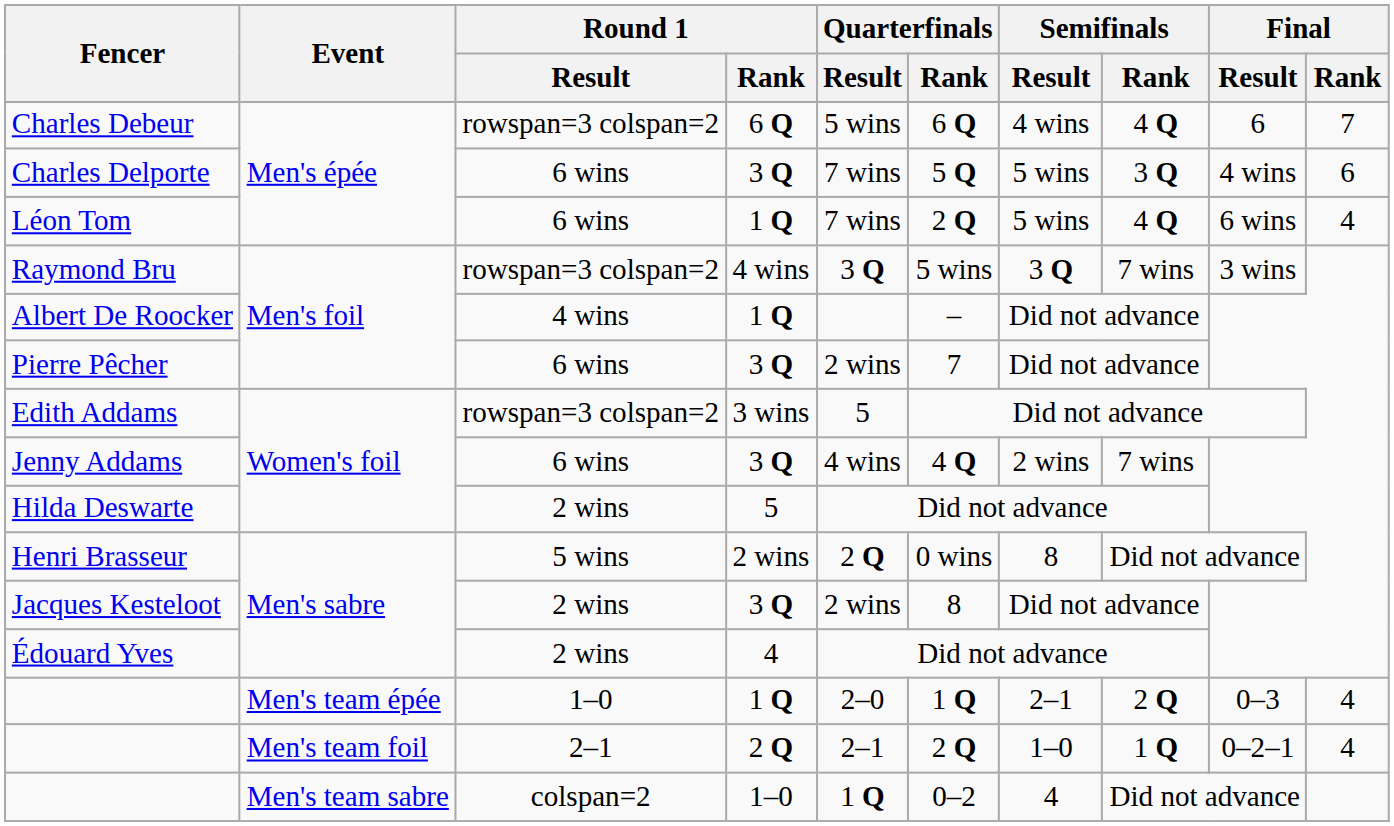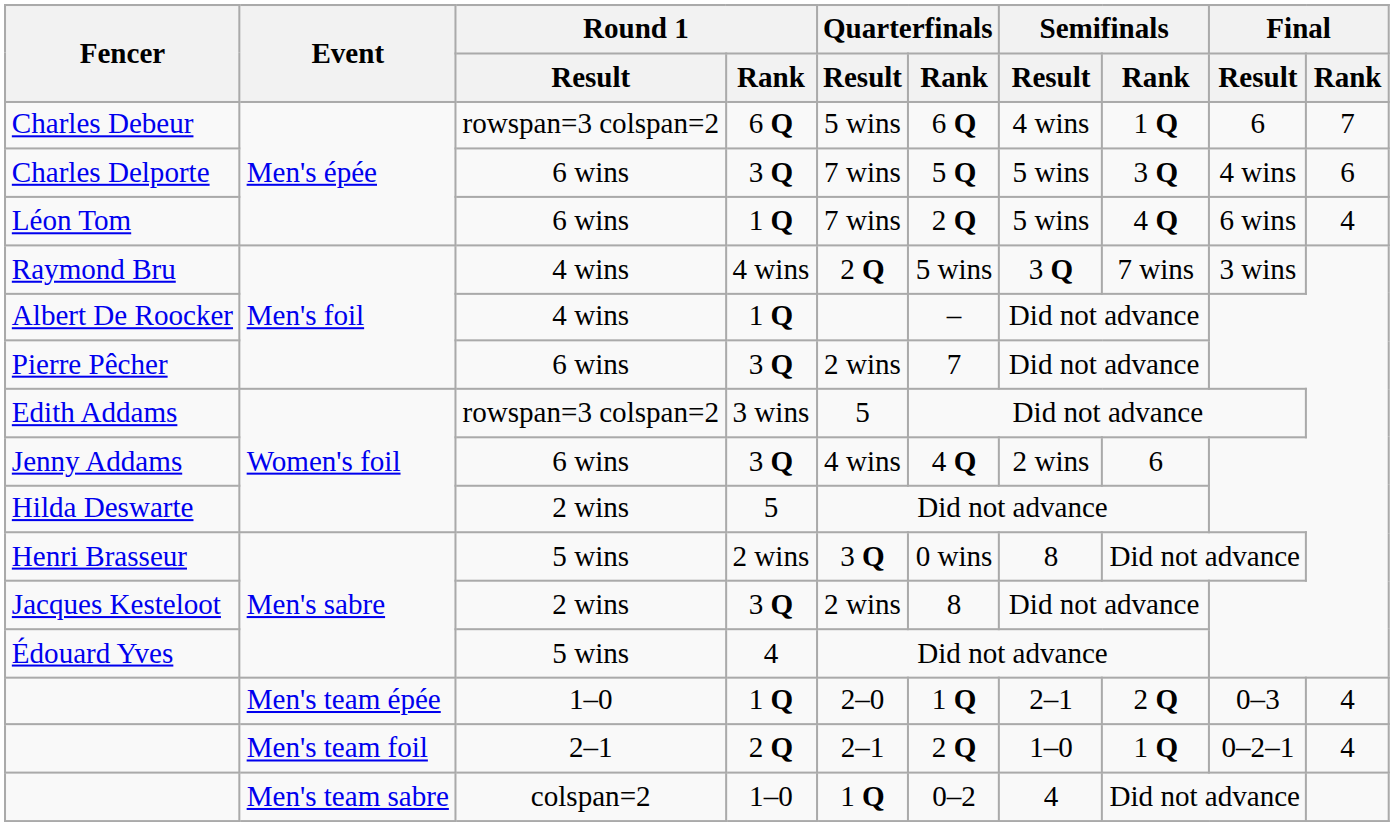 <table class=wikitable style="font-size:90%; text-align:center">
 <tr>
 <th rowspan=2>Fencer</th>
 <th rowspan=2>Event</th>
 <th colspan=2>Round 1</th>
 <th colspan=2>Quarterfinals</th>
 <th colspan=2>Semifinals</th>
 <th colspan=2>Final</th>
 </tr>
 <tr>
 <th>Result</th>
 <th>Rank</th>
 <th>Result</th>
 <th>Rank</th>
 <th>Result</th>
 <th>Rank</th>
 <th>Result</th>
 <th>Rank</th>
 </tr>
 <tr>
 <td align=left><a href='#'>Charles Debeur</a></td>
 <td align=left rowspan=3><a href='#'>Men's épée</a></td>
 <td>rowspan=3 colspan=2 </td>
 <td>6 <strong>Q</strong></td>
 <td>5 wins</td>
 <td>6 <strong>Q</strong></td>
 <td>4 wins</td>
-<td>4 <strong>Q</strong></td>
+<td>1 <strong>Q</strong></td>
 <td>6</td>
 <td>7</td>
 </tr>
 <tr>
 <td align=left><a href='#'>Charles Delporte</a></td>
 <td>6 wins</td>
 <td>3 <strong>Q</strong></td>
 <td>7 wins</td>
 <td>5 <strong>Q</strong></td>
 <td>5 wins</td>
 <td>3 <strong>Q</strong></td>
 <td>4 wins</td>
 <td>6</td>
 </tr>
 <tr>
 <td align=left><a href='#'>Léon Tom</a></td>
 <td>6 wins</td>
 <td>1 <strong>Q</strong></td>
 <td>7 wins</td>
 <td>2 <strong>Q</strong></td>
 <td>5 wins</td>
 <td>4 <strong>Q</strong></td>
 <td>6 wins</td>
 <td>4</td>
 </tr>
 <tr>
 <td align=left><a href='#'>Raymond Bru</a></td>
 <td align=left rowspan=3><a href='#'>Men's foil</a></td>
-<td>rowspan=3 colspan=2 </td>
 <td>4 wins</td>
-<td>3 <strong>Q</strong></td>
+<td>4 wins</td>
+<td>2 <strong>Q</strong></td>
 <td>5 wins</td>
 <td>3 <strong>Q</strong></td>
 <td>7 wins</td>
 <td>3 wins</td>
 </tr>
 <tr>
 <td align=left><a href='#'>Albert De Roocker</a></td>
 <td>4 wins</td>
 <td>1 <strong>Q</strong></td>
 <td></td>
 <td>–</td>
 <td colspan=2>Did not advance</td>
 </tr>
 <tr>
 <td align=left><a href='#'>Pierre Pêcher</a></td>
 <td>6 wins</td>
 <td>3 <strong>Q</strong></td>
 <td>2 wins</td>
 <td>7</td>
 <td colspan=2>Did not advance</td>
 </tr>
 <tr>
 <td align=left><a href='#'>Edith Addams</a></td>
 <td align=left rowspan=3><a href='#'>Women's foil</a></td>
 <td>rowspan=3 colspan=2 </td>
 <td>3 wins</td>
 <td>5</td>
 <td colspan=4>Did not advance</td>
 </tr>
 <tr>
 <td align=left><a href='#'>Jenny Addams</a></td>
 <td>6 wins</td>
 <td>3 <strong>Q</strong></td>
 <td>4 wins</td>
 <td>4 <strong>Q</strong></td>
 <td>2 wins</td>
-<td>7 wins</td>
+<td>6</td>
 </tr>
 <tr>
 <td align=left><a href='#'>Hilda Deswarte</a></td>
 <td>2 wins</td>
 <td>5</td>
 <td colspan=4>Did not advance</td>
 </tr>
 <tr>
 <td align=left><a href='#'>Henri Brasseur</a></td>
 <td align=left rowspan=3><a href='#'>Men's sabre</a></td>
 <td>5 wins</td>
 <td>2 wins</td>
-<td>2 <strong>Q</strong></td>
+<td>3 <strong>Q</strong></td>
 <td>0 wins</td>
 <td>8</td>
 <td colspan=2>Did not advance</td>
 </tr>
 <tr>
 <td align=left><a href='#'>Jacques Kesteloot</a></td>
 <td>2 wins</td>
 <td>3 <strong>Q</strong></td>
 <td>2 wins</td>
 <td>8</td>
 <td colspan=2>Did not advance</td>
 </tr>
 <tr>
 <td align=left><a href='#'>Édouard Yves</a></td>
-<td>2 wins</td>
+<td>5 wins</td>
 <td>4</td>
 <td colspan=4>Did not advance</td>
 </tr>
 <tr>
 <td align=left></td>
 <td align=left><a href='#'>Men's team épée</a></td>
 <td>1–0</td>
 <td>1 <strong>Q</strong></td>
 <td>2–0</td>
 <td>1 <strong>Q</strong></td>
 <td>2–1</td>
 <td>2 <strong>Q</strong></td>
 <td>0–3</td>
 <td>4</td>
 </tr>
 <tr>
 <td align=left></td>
 <td align=left><a href='#'>Men's team foil</a></td>
 <td>2–1</td>
 <td>2 <strong>Q</strong></td>
 <td>2–1</td>
 <td>2 <strong>Q</strong></td>
 <td>1–0</td>
 <td>1 <strong>Q</strong></td>
 <td>0–2–1</td>
 <td>4</td>
 </tr>
 <tr>
 <td align=left></td>
 <td align=left><a href='#'>Men's team sabre</a></td>
 <td>colspan=2 </td>
 <td>1–0</td>
 <td>1 <strong>Q</strong></td>
 <td>0–2</td>
 <td>4</td>
 <td colspan=2>Did not advance</td>
 </tr>
 </table>
